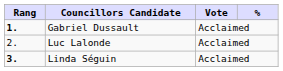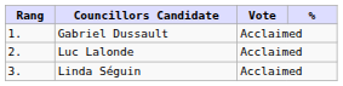 <table class="wikitable">
 <tr>
 <th style="background:#ddf; width:50px;">Rang</th>
 <th style="background:#ddf; width:200px;">Councillors Candidate</th>
 <th style="background:#ddf; width:50px;">Vote</th>
 <th style="background:#ddf; width:50px;">%</th>
 </tr>
 <tr>
-<td><strong>1.</strong></td>
+<td>1.</td>
 <td>Gabriel Dussault</td>
 <td colspan="2">Acclaimed</td>
 </tr>
 <tr>
 <td>2.</td>
 <td>Luc Lalonde</td>
 <td colspan="2">Acclaimed</td>
 </tr>
 <tr>
-<td><strong>3.</strong></td>
+<td>3.</td>
 <td>Linda Séguin</td>
 <td colspan="2">Acclaimed</td>
 </tr>
 </table>
